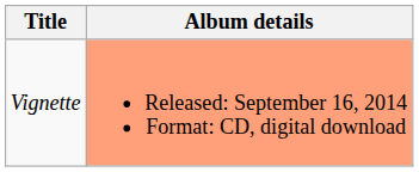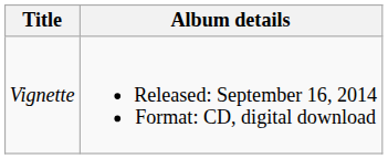 <table class="wikitable plainrowheaders" style="text-align:center;">
 <tr>
 <th>Title</th>
 <th>Album details</th>
 </tr>
 <tr>
 <td><em>Vignette</em></td>
-<td style="background: lightsalmon;"><br><ul><li>Released: September 16, 2014</li><li>Format: CD, digital download</li></ul></td>
+<td><br><ul><li>Released: September 16, 2014</li><li>Format: CD, digital download</li></ul></td>
 </tr>
 </table>
